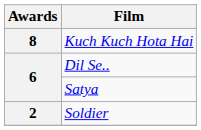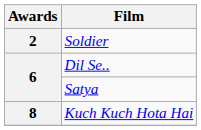 <table class="wikitable" style="display:inline-table;">
 <tr>
 <th>Awards</th>
 <th>Film</th>
 </tr>
 <tr>
-<th>8</th>
-<td><em><a href='#'>Kuch Kuch Hota Hai</a></em></td>
+<th>2</th>
+<td><em><a href='#'>Soldier</a></em></td>
 </tr>
 <tr>
 <th rowspan="2">6</th>
 <td><em><a href='#'>Dil Se..</a></em></td>
 </tr>
 <tr>
 <td><em><a href='#'>Satya</a></em></td>
 </tr>
 <tr>
-<th>2</th>
-<td><em><a href='#'>Soldier</a></em></td>
+<th>8</th>
+<td><em><a href='#'>Kuch Kuch Hota Hai</a></em></td>
 </tr>
 <tr>
 </tr>
 </table>
